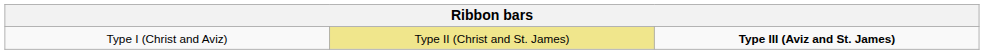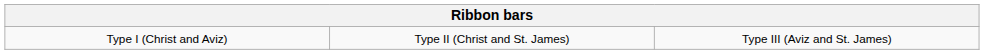 <table class="wikitable" style="margin:1em auto; width:70%;">
 <tr>
 <th colspan=6>Ribbon bars</th>
 </tr>
 <tr>
 <td width=16% valign=top align=center><small>Type I (Christ and Aviz)</small></td>
-<td width=16% valign=top align=center style="background: khaki;"><small>Type II (Christ and St. James)</small></td>
-<td width=16% valign=top align=center><strong><small>Type III (Aviz and St. James)</small></strong></td>
+<td width=16% valign=top align=center><small>Type II (Christ and St. James)</small></td>
+<td width=16% valign=top align=center><small>Type III (Aviz and St. James)</small></td>
 </tr>
 </table>
